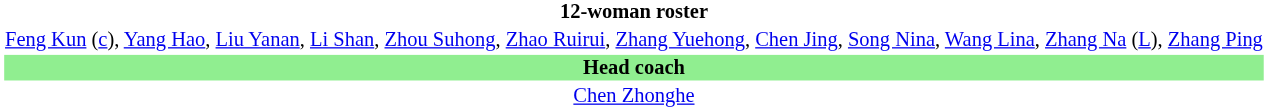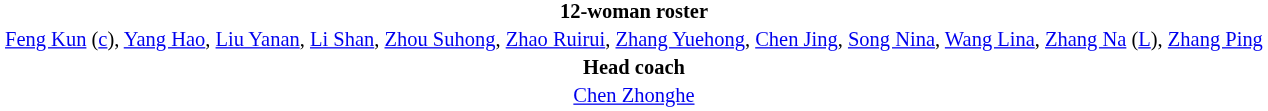 <table style="text-align:center; margin-top:2em; margin-left:auto; margin-right:auto">
 <tr>
 <td><strong>12-woman roster</strong></td>
 </tr>
 <tr>
 <td><a href='#'>Feng Kun</a> (<a href='#'>c</a>), <a href='#'>Yang Hao</a>, <a href='#'>Liu Yanan</a>, <a href='#'>Li Shan</a>, <a href='#'>Zhou Suhong</a>, <a href='#'>Zhao Ruirui</a>, <a href='#'>Zhang Yuehong</a>, <a href='#'>Chen Jing</a>, <a href='#'>Song Nina</a>, <a href='#'>Wang Lina</a>, <a href='#'>Zhang Na</a> (<a href='#'>L</a>), <a href='#'>Zhang Ping</a></td>
 </tr>
 <tr>
-<td style="background: lightgreen;"><strong>Head coach</strong></td>
+<td><strong>Head coach</strong></td>
 </tr>
 <tr>
 <td><a href='#'>Chen Zhonghe</a></td>
 </tr>
 </table>
